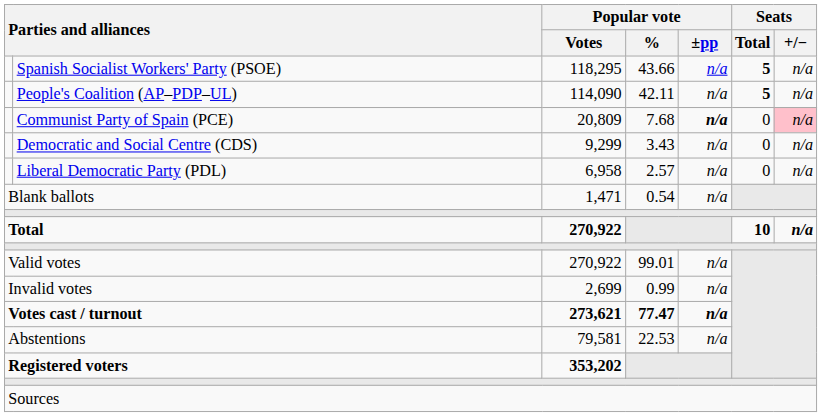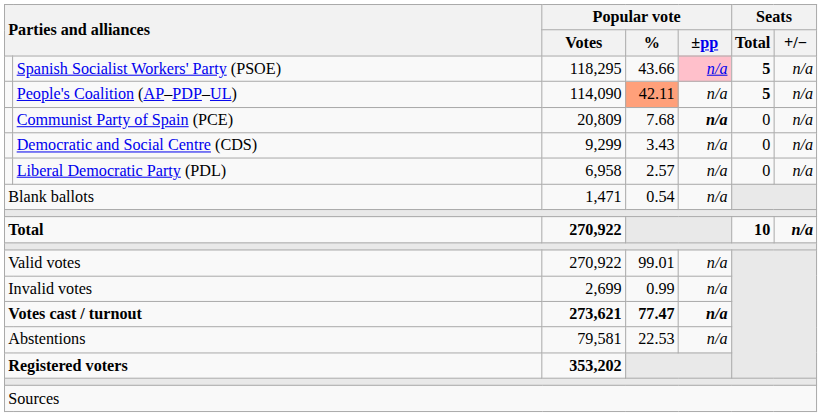 <table class="wikitable" style="text-align:right;">
 <tr>
 <th style="text-align:left;" rowspan="2" colspan="2" width="525">Parties and alliances</th>
 <th colspan="3">Popular vote</th>
 <th colspan="2">Seats</th>
 </tr>
 <tr>
 <th width="75">Votes</th>
 <th width="45">%</th>
 <th width="45">±<a href='#'>pp</a></th>
 <th width="35">Total</th>
 <th width="35">+/−</th>
 </tr>
 <tr>
 <td width="1" style="color:inherit;background:"></td>
 <td align="left"><a href='#'>Spanish Socialist Workers' Party</a> (PSOE)</td>
 <td>118,295</td>
 <td>43.66</td>
-<td><em><a href='#'>n/a</a></em></td>
+<td style="background: pink;"><em><a href='#'>n/a</a></em></td>
 <td><strong>5</strong></td>
 <td><em>n/a</em></td>
 </tr>
 <tr>
 <td style="color:inherit;background:"></td>
 <td align="left"><a href='#'>People's Coalition</a> (<a href='#'>AP</a>–<a href='#'>PDP</a>–<a href='#'>UL</a>)</td>
 <td>114,090</td>
-<td>42.11</td>
+<td style="background: lightsalmon;">42.11</td>
 <td><em>n/a</em></td>
 <td><strong>5</strong></td>
 <td><em>n/a</em></td>
 </tr>
 <tr>
 <td style="color:inherit;background:"></td>
 <td align="left"><a href='#'>Communist Party of Spain</a> (PCE)</td>
 <td>20,809</td>
 <td>7.68</td>
 <td><strong><em>n/a</em></strong></td>
 <td>0</td>
-<td style="background: pink;"><em>n/a</em></td>
+<td><em>n/a</em></td>
 </tr>
 <tr>
 <td style="color:inherit;background:"></td>
 <td align="left"><a href='#'>Democratic and Social Centre</a> (CDS)</td>
 <td>9,299</td>
 <td>3.43</td>
 <td><em>n/a</em></td>
 <td>0</td>
 <td><em>n/a</em></td>
 </tr>
 <tr>
 <td style="color:inherit;background:"></td>
 <td align="left"><a href='#'>Liberal Democratic Party</a> (PDL)</td>
 <td>6,958</td>
 <td>2.57</td>
 <td><em>n/a</em></td>
 <td>0</td>
 <td><em>n/a</em></td>
 </tr>
 <tr>
 <td align="left" colspan="2">Blank ballots</td>
 <td>1,471</td>
 <td>0.54</td>
 <td><em>n/a</em></td>
 <td bgcolor="#E9E9E9" colspan="2"></td>
 </tr>
 <tr>
 <td colspan="7" bgcolor="#E9E9E9"></td>
 </tr>
 <tr style="font-weight:bold;">
 <td align="left" colspan="2">Total</td>
 <td>270,922</td>
 <td bgcolor="#E9E9E9" colspan="2"></td>
 <td>10</td>
 <td><em>n/a</em></td>
 </tr>
 <tr>
 <td colspan="7" bgcolor="#E9E9E9"></td>
 </tr>
 <tr>
 <td align="left" colspan="2">Valid votes</td>
 <td>270,922</td>
 <td>99.01</td>
 <td><em>n/a</em></td>
 <td bgcolor="#E9E9E9" colspan="2" rowspan="5"></td>
 </tr>
 <tr>
 <td align="left" colspan="2">Invalid votes</td>
 <td>2,699</td>
 <td>0.99</td>
 <td><em>n/a</em></td>
 </tr>
 <tr style="font-weight:bold;">
 <td align="left" colspan="2">Votes cast / turnout</td>
 <td>273,621</td>
 <td>77.47</td>
 <td><em>n/a</em></td>
 </tr>
 <tr>
 <td align="left" colspan="2">Abstentions</td>
 <td>79,581</td>
 <td>22.53</td>
 <td><em>n/a</em></td>
 </tr>
 <tr style="font-weight:bold;">
 <td align="left" colspan="2">Registered voters</td>
 <td>353,202</td>
 <td bgcolor="#E9E9E9" colspan="2"></td>
 </tr>
 <tr>
 <td colspan="7" bgcolor="#E9E9E9"></td>
 </tr>
 <tr>
 <td align="left" colspan="7">Sources</td>
 </tr>
 </table>
